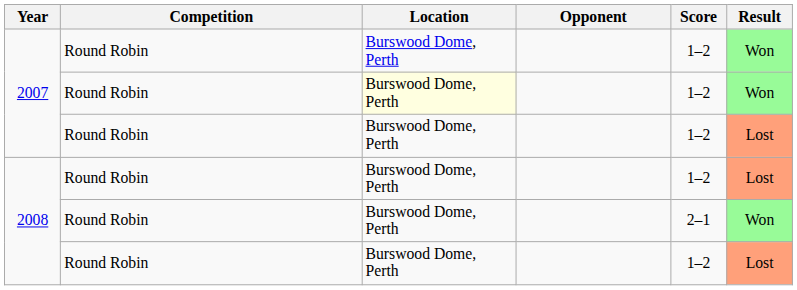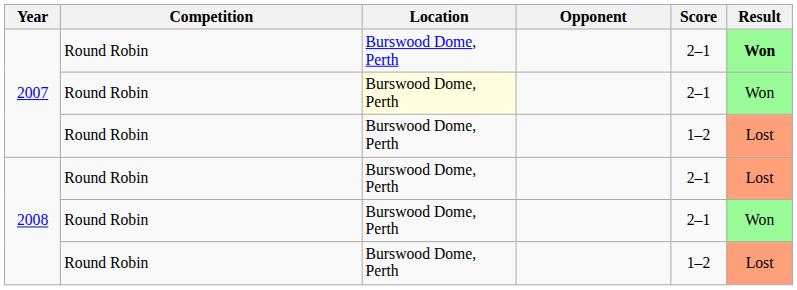 <table class="wikitable">
 <tr>
 <th width="50">Year</th>
 <th width="300">Competition</th>
 <th width="150">Location</th>
 <th width="150">Opponent</th>
 <th width="50">Score</th>
 <th width="60">Result</th>
 </tr>
 <tr>
 <td align="center" rowspan="3"><a href='#'>2007</a></td>
 <td>Round Robin</td>
 <td><a href='#'>Burswood Dome</a>, <a href='#'>Perth</a></td>
 <td></td>
-<td align="center">1–2</td>
-<td align="center" bgcolor="#98FB98">Won</td>
+<td align="center">2–1</td>
+<td align="center" bgcolor="#98FB98"><strong>Won</strong></td>
 </tr>
 <tr>
 <td>Round Robin</td>
 <td style="background: lightyellow;">Burswood Dome, Perth</td>
 <td></td>
-<td align="center">1–2</td>
+<td align="center">2–1</td>
 <td align="center" bgcolor="#98FB98">Won</td>
 </tr>
 <tr>
 <td>Round Robin</td>
 <td>Burswood Dome, Perth</td>
 <td></td>
 <td align="center">1–2</td>
 <td align="center" bgcolor="#FFA07A">Lost</td>
 </tr>
 <tr>
 <td align="center" rowspan="3"><a href='#'>2008</a></td>
 <td>Round Robin</td>
 <td>Burswood Dome, Perth</td>
 <td></td>
-<td align="center">1–2</td>
+<td align="center">2–1</td>
 <td align="center" bgcolor="#FFA07A">Lost</td>
 </tr>
 <tr>
 <td>Round Robin</td>
 <td>Burswood Dome, Perth</td>
 <td></td>
 <td align="center">2–1</td>
 <td align="center" bgcolor="#98FB98">Won</td>
 </tr>
 <tr>
 <td>Round Robin</td>
 <td>Burswood Dome, Perth</td>
 <td></td>
 <td align="center">1–2</td>
 <td align="center" bgcolor="#FFA07A">Lost</td>
 </tr>
 </table>
